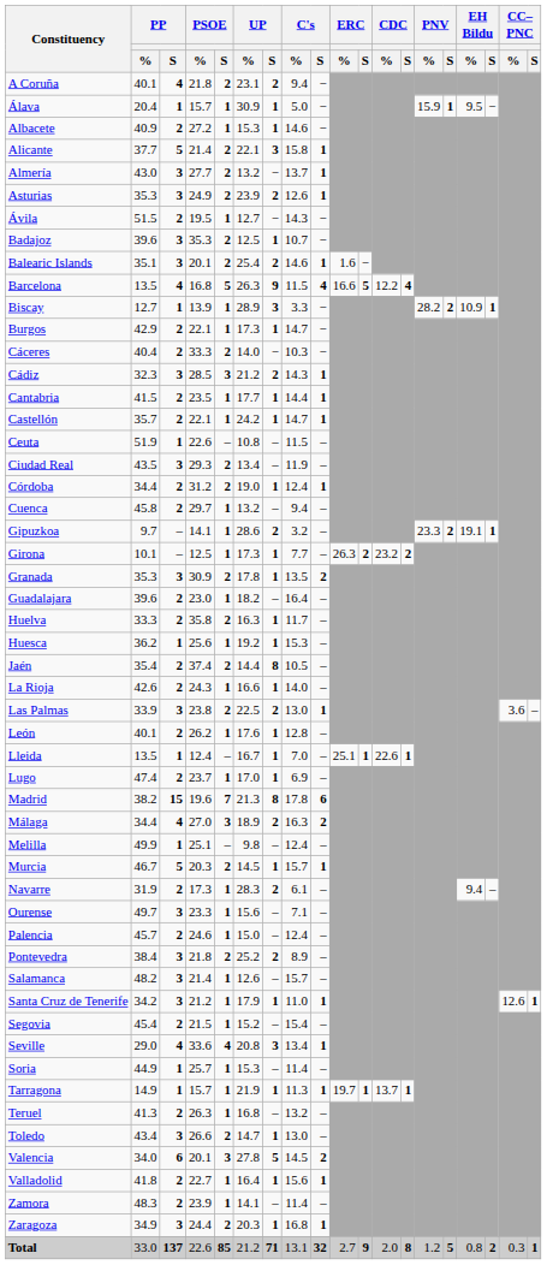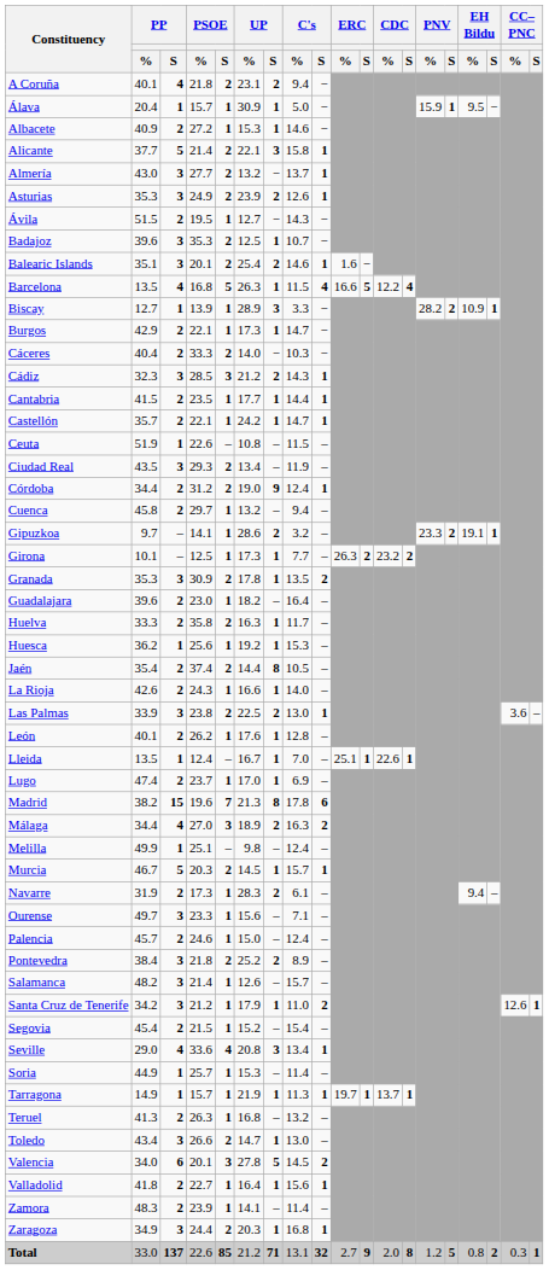 <table class="wikitable sortable" style="text-align:right; line-height:20px;">
 <tr>
 <th rowspan="3">Constituency</th>
 <th colspan="2" width="30px" class="unsortable"><a href='#'>PP</a></th>
 <th colspan="2" width="30px" class="unsortable"><a href='#'>PSOE</a></th>
 <th colspan="2" width="30px" class="unsortable"><a href='#'>UP</a></th>
 <th colspan="2" width="30px" class="unsortable"><a href='#'>C's</a></th>
 <th colspan="2" width="30px" class="unsortable"><a href='#'>ERC</a></th>
 <th colspan="2" width="30px" class="unsortable"><a href='#'>CDC</a></th>
 <th colspan="2" width="30px" class="unsortable"><a href='#'>PNV</a></th>
 <th colspan="2" width="30px" class="unsortable"><a href='#'>EH Bildu</a></th>
 <th colspan="2" width="30px" class="unsortable"><a href='#'>CC–PNC</a></th>
 </tr>
 <tr>
 <th colspan="2" style="background:"></th>
 <th colspan="2" style="background:"></th>
 <th colspan="2" style="background:"></th>
 <th colspan="2" style="background:"></th>
 <th colspan="2" style="background:"></th>
 <th colspan="2" style="background:"></th>
 <th colspan="2" style="background:"></th>
 <th colspan="2" style="background:"></th>
 <th colspan="2" style="background:"></th>
 </tr>
 <tr>
 <th data-sort-type="number">%</th>
 <th data-sort-type="number">S</th>
 <th data-sort-type="number">%</th>
 <th data-sort-type="number">S</th>
 <th data-sort-type="number">%</th>
 <th data-sort-type="number">S</th>
 <th data-sort-type="number">%</th>
 <th data-sort-type="number">S</th>
 <th data-sort-type="number">%</th>
 <th data-sort-type="number">S</th>
 <th data-sort-type="number">%</th>
 <th data-sort-type="number">S</th>
 <th data-sort-type="number">%</th>
 <th data-sort-type="number">S</th>
 <th data-sort-type="number">%</th>
 <th data-sort-type="number">S</th>
 <th data-sort-type="number">%</th>
 <th data-sort-type="number">S</th>
 </tr>
 <tr>
 <td align="left"><a href='#'>A Coruña</a></td>
 <td style="background:">40.1</td>
 <td><strong>4</strong></td>
 <td>21.8</td>
 <td><strong>2</strong></td>
 <td>23.1</td>
 <td><strong>2</strong></td>
 <td>9.4</td>
 <td>−</td>
 <td colspan="2" rowspan="8" bgcolor="#AAAAAA"></td>
 <td colspan="2" rowspan="9" bgcolor="#AAAAAA"></td>
 <td colspan="2" bgcolor="#AAAAAA"></td>
 <td colspan="2" bgcolor="#AAAAAA"></td>
 <td colspan="2" rowspan="28" bgcolor="#AAAAAA"></td>
 </tr>
 <tr>
 <td align="left"><a href='#'>Álava</a></td>
 <td>20.4</td>
 <td><strong>1</strong></td>
 <td>15.7</td>
 <td><strong>1</strong></td>
 <td style="background:">30.9</td>
 <td><strong>1</strong></td>
 <td>5.0</td>
 <td>−</td>
 <td>15.9</td>
 <td><strong>1</strong></td>
 <td>9.5</td>
 <td>−</td>
 </tr>
 <tr>
 <td align="left"><a href='#'>Albacete</a></td>
 <td style="background:">40.9</td>
 <td><strong>2</strong></td>
 <td>27.2</td>
 <td><strong>1</strong></td>
 <td>15.3</td>
 <td><strong>1</strong></td>
 <td>14.6</td>
 <td>−</td>
 <td colspan="2" rowspan="8" bgcolor="#AAAAAA"></td>
 <td colspan="2" rowspan="8" bgcolor="#AAAAAA"></td>
 </tr>
 <tr>
 <td align="left"><a href='#'>Alicante</a></td>
 <td style="background:">37.7</td>
 <td><strong>5</strong></td>
 <td>21.4</td>
 <td><strong>2</strong></td>
 <td>22.1</td>
 <td><strong>3</strong></td>
 <td>15.8</td>
 <td><strong>1</strong></td>
 </tr>
 <tr>
 <td align="left"><a href='#'>Almería</a></td>
 <td style="background:">43.0</td>
 <td><strong>3</strong></td>
 <td>27.7</td>
 <td><strong>2</strong></td>
 <td>13.2</td>
 <td>−</td>
 <td>13.7</td>
 <td><strong>1</strong></td>
 </tr>
 <tr>
 <td align="left"><a href='#'>Asturias</a></td>
 <td style="background:">35.3</td>
 <td><strong>3</strong></td>
 <td>24.9</td>
 <td><strong>2</strong></td>
 <td>23.9</td>
 <td><strong>2</strong></td>
 <td>12.6</td>
 <td><strong>1</strong></td>
 </tr>
 <tr>
 <td align="left"><a href='#'>Ávila</a></td>
 <td style="background:">51.5</td>
 <td><strong>2</strong></td>
 <td>19.5</td>
 <td><strong>1</strong></td>
 <td>12.7</td>
 <td>−</td>
 <td>14.3</td>
 <td>−</td>
 </tr>
 <tr>
 <td align="left"><a href='#'>Badajoz</a></td>
 <td style="background:">39.6</td>
 <td><strong>3</strong></td>
 <td>35.3</td>
 <td><strong>2</strong></td>
 <td>12.5</td>
 <td><strong>1</strong></td>
 <td>10.7</td>
 <td>−</td>
 </tr>
 <tr>
 <td align="left"><a href='#'>Balearic Islands</a></td>
 <td style="background:">35.1</td>
 <td><strong>3</strong></td>
 <td>20.1</td>
 <td><strong>2</strong></td>
 <td>25.4</td>
 <td><strong>2</strong></td>
 <td>14.6</td>
 <td><strong>1</strong></td>
 <td>1.6</td>
 <td>−</td>
 </tr>
 <tr>
 <td align="left"><a href='#'>Barcelona</a></td>
 <td>13.5</td>
 <td><strong>4</strong></td>
 <td>16.8</td>
 <td><strong>5</strong></td>
 <td style="background:">26.3</td>
-<td><strong>9</strong></td>
+<td><strong>1</strong></td>
 <td>11.5</td>
 <td><strong>4</strong></td>
 <td>16.6</td>
 <td><strong>5</strong></td>
 <td>12.2</td>
 <td><strong>4</strong></td>
 </tr>
 <tr>
 <td align="left"><a href='#'>Biscay</a></td>
 <td>12.7</td>
 <td><strong>1</strong></td>
 <td>13.9</td>
 <td><strong>1</strong></td>
 <td style="background:">28.9</td>
 <td><strong>3</strong></td>
 <td>3.3</td>
 <td>−</td>
 <td colspan="2" rowspan="11" bgcolor="#AAAAAA"></td>
 <td colspan="2" rowspan="11" bgcolor="#AAAAAA"></td>
 <td>28.2</td>
 <td><strong>2</strong></td>
 <td>10.9</td>
 <td><strong>1</strong></td>
 </tr>
 <tr>
 <td align="left"><a href='#'>Burgos</a></td>
 <td style="background:">42.9</td>
 <td><strong>2</strong></td>
 <td>22.1</td>
 <td><strong>1</strong></td>
 <td>17.3</td>
 <td><strong>1</strong></td>
 <td>14.7</td>
 <td>−</td>
 <td colspan="2" rowspan="9" bgcolor="#AAAAAA"></td>
 <td colspan="2" rowspan="9" bgcolor="#AAAAAA"></td>
 </tr>
 <tr>
 <td align="left"><a href='#'>Cáceres</a></td>
 <td style="background:">40.4</td>
 <td><strong>2</strong></td>
 <td>33.3</td>
 <td><strong>2</strong></td>
 <td>14.0</td>
 <td>−</td>
 <td>10.3</td>
 <td>−</td>
 </tr>
 <tr>
 <td align="left"><a href='#'>Cádiz</a></td>
 <td style="background:">32.3</td>
 <td><strong>3</strong></td>
 <td>28.5</td>
 <td><strong>3</strong></td>
 <td>21.2</td>
 <td><strong>2</strong></td>
 <td>14.3</td>
 <td><strong>1</strong></td>
 </tr>
 <tr>
 <td align="left"><a href='#'>Cantabria</a></td>
 <td style="background:">41.5</td>
 <td><strong>2</strong></td>
 <td>23.5</td>
 <td><strong>1</strong></td>
 <td>17.7</td>
 <td><strong>1</strong></td>
 <td>14.4</td>
 <td><strong>1</strong></td>
 </tr>
 <tr>
 <td align="left"><a href='#'>Castellón</a></td>
 <td style="background:">35.7</td>
 <td><strong>2</strong></td>
 <td>22.1</td>
 <td><strong>1</strong></td>
 <td>24.2</td>
 <td><strong>1</strong></td>
 <td>14.7</td>
 <td><strong>1</strong></td>
 </tr>
 <tr>
 <td align="left"><a href='#'>Ceuta</a></td>
 <td style="background:">51.9</td>
 <td><strong>1</strong></td>
 <td>22.6</td>
 <td>–</td>
 <td>10.8</td>
 <td>–</td>
 <td>11.5</td>
 <td>–</td>
 </tr>
 <tr>
 <td align="left"><a href='#'>Ciudad Real</a></td>
 <td style="background:">43.5</td>
 <td><strong>3</strong></td>
 <td>29.3</td>
 <td><strong>2</strong></td>
 <td>13.4</td>
 <td>–</td>
 <td>11.9</td>
 <td>–</td>
 </tr>
 <tr>
 <td align="left"><a href='#'>Córdoba</a></td>
 <td style="background:">34.4</td>
 <td><strong>2</strong></td>
 <td>31.2</td>
 <td><strong>2</strong></td>
 <td>19.0</td>
-<td><strong>1</strong></td>
+<td><strong>9</strong></td>
 <td>12.4</td>
 <td><strong>1</strong></td>
 </tr>
 <tr>
 <td align="left"><a href='#'>Cuenca</a></td>
 <td style="background:">45.8</td>
 <td><strong>2</strong></td>
 <td>29.7</td>
 <td><strong>1</strong></td>
 <td>13.2</td>
 <td>–</td>
 <td>9.4</td>
 <td>–</td>
 </tr>
 <tr>
 <td align="left"><a href='#'>Gipuzkoa</a></td>
 <td>9.7</td>
 <td>–</td>
 <td>14.1</td>
 <td><strong>1</strong></td>
 <td style="background:">28.6</td>
 <td><strong>2</strong></td>
 <td>3.2</td>
 <td>–</td>
 <td>23.3</td>
 <td><strong>2</strong></td>
 <td>19.1</td>
 <td><strong>1</strong></td>
 </tr>
 <tr>
 <td align="left"><a href='#'>Girona</a></td>
 <td>10.1</td>
 <td>–</td>
 <td>12.5</td>
 <td><strong>1</strong></td>
 <td>17.3</td>
 <td><strong>1</strong></td>
 <td>7.7</td>
 <td>–</td>
 <td style="background:">26.3</td>
 <td><strong>2</strong></td>
 <td>23.2</td>
 <td><strong>2</strong></td>
 <td colspan="2" rowspan="31" bgcolor="#AAAAAA"></td>
 <td colspan="2" rowspan="15" bgcolor="#AAAAAA"></td>
 </tr>
 <tr>
 <td align="left"><a href='#'>Granada</a></td>
 <td style="background:">35.3</td>
 <td><strong>3</strong></td>
 <td>30.9</td>
 <td><strong>2</strong></td>
 <td>17.8</td>
 <td><strong>1</strong></td>
 <td>13.5</td>
 <td><strong>2</strong></td>
 <td colspan="2" rowspan="8" bgcolor="#AAAAAA"></td>
 <td colspan="2" rowspan="8" bgcolor="#AAAAAA"></td>
 </tr>
 <tr>
 <td align="left"><a href='#'>Guadalajara</a></td>
 <td style="background:">39.6</td>
 <td><strong>2</strong></td>
 <td>23.0</td>
 <td><strong>1</strong></td>
 <td>18.2</td>
 <td>–</td>
 <td>16.4</td>
 <td>–</td>
 </tr>
 <tr>
 <td align="left"><a href='#'>Huelva</a></td>
 <td>33.3</td>
 <td><strong>2</strong></td>
 <td style="background:">35.8</td>
 <td><strong>2</strong></td>
 <td>16.3</td>
 <td><strong>1</strong></td>
 <td>11.7</td>
 <td>–</td>
 </tr>
 <tr>
 <td align="left"><a href='#'>Huesca</a></td>
 <td style="background:">36.2</td>
 <td><strong>1</strong></td>
 <td>25.6</td>
 <td><strong>1</strong></td>
 <td>19.2</td>
 <td><strong>1</strong></td>
 <td>15.3</td>
 <td>–</td>
 </tr>
 <tr>
 <td align="left"><a href='#'>Jaén</a></td>
 <td>35.4</td>
 <td><strong>2</strong></td>
 <td style="background:">37.4</td>
 <td><strong>2</strong></td>
 <td>14.4</td>
 <td><strong>8</strong></td>
 <td>10.5</td>
 <td>–</td>
 </tr>
 <tr>
 <td align="left"><a href='#'>La Rioja</a></td>
 <td style="background:">42.6</td>
 <td><strong>2</strong></td>
 <td>24.3</td>
 <td><strong>1</strong></td>
 <td>16.6</td>
 <td><strong>1</strong></td>
 <td>14.0</td>
 <td>–</td>
 </tr>
 <tr>
 <td align="left"><a href='#'>Las Palmas</a></td>
 <td style="background:">33.9</td>
 <td><strong>3</strong></td>
 <td>23.8</td>
 <td><strong>2</strong></td>
 <td>22.5</td>
 <td><strong>2</strong></td>
 <td>13.0</td>
 <td><strong>1</strong></td>
 <td>3.6</td>
 <td>–</td>
 </tr>
 <tr>
 <td align="left"><a href='#'>León</a></td>
 <td style="background:">40.1</td>
 <td><strong>2</strong></td>
 <td>26.2</td>
 <td><strong>1</strong></td>
 <td>17.6</td>
 <td><strong>1</strong></td>
 <td>12.8</td>
 <td>–</td>
 <td colspan="2" rowspan="12" bgcolor="#AAAAAA"></td>
 </tr>
 <tr>
 <td align="left"><a href='#'>Lleida</a></td>
 <td>13.5</td>
 <td><strong>1</strong></td>
 <td>12.4</td>
 <td>–</td>
 <td>16.7</td>
 <td><strong>1</strong></td>
 <td>7.0</td>
 <td>–</td>
 <td style="background:">25.1</td>
 <td><strong>1</strong></td>
 <td>22.6</td>
 <td><strong>1</strong></td>
 </tr>
 <tr>
 <td align="left"><a href='#'>Lugo</a></td>
 <td style="background:">47.4</td>
 <td><strong>2</strong></td>
 <td>23.7</td>
 <td><strong>1</strong></td>
 <td>17.0</td>
 <td><strong>1</strong></td>
 <td>6.9</td>
 <td>–</td>
 <td colspan="2" rowspan="14" bgcolor="#AAAAAA"></td>
 <td colspan="2" rowspan="14" bgcolor="#AAAAAA"></td>
 </tr>
 <tr>
 <td align="left"><a href='#'>Madrid</a></td>
 <td style="background:">38.2</td>
 <td><strong>15</strong></td>
 <td>19.6</td>
 <td><strong>7</strong></td>
 <td>21.3</td>
 <td><strong>8</strong></td>
 <td>17.8</td>
 <td><strong>6</strong></td>
 </tr>
 <tr>
 <td align="left"><a href='#'>Málaga</a></td>
 <td style="background:">34.4</td>
 <td><strong>4</strong></td>
 <td>27.0</td>
 <td><strong>3</strong></td>
 <td>18.9</td>
 <td><strong>2</strong></td>
 <td>16.3</td>
 <td><strong>2</strong></td>
 </tr>
 <tr>
 <td align="left"><a href='#'>Melilla</a></td>
 <td style="background:">49.9</td>
 <td><strong>1</strong></td>
 <td>25.1</td>
 <td>–</td>
 <td>9.8</td>
 <td>–</td>
 <td>12.4</td>
 <td>–</td>
 </tr>
 <tr>
 <td align="left"><a href='#'>Murcia</a></td>
 <td style="background:">46.7</td>
 <td><strong>5</strong></td>
 <td>20.3</td>
 <td><strong>2</strong></td>
 <td>14.5</td>
 <td><strong>1</strong></td>
 <td>15.7</td>
 <td><strong>1</strong></td>
 </tr>
 <tr>
 <td align="left"><a href='#'>Navarre</a></td>
 <td style="background:">31.9</td>
 <td><strong>2</strong></td>
 <td>17.3</td>
 <td><strong>1</strong></td>
 <td>28.3</td>
 <td><strong>2</strong></td>
 <td>6.1</td>
 <td>–</td>
 <td>9.4</td>
 <td>–</td>
 </tr>
 <tr>
 <td align="left"><a href='#'>Ourense</a></td>
 <td style="background:">49.7</td>
 <td><strong>3</strong></td>
 <td>23.3</td>
 <td><strong>1</strong></td>
 <td>15.6</td>
 <td>–</td>
 <td>7.1</td>
 <td>–</td>
 <td colspan="2" rowspan="15" bgcolor="#AAAAAA"></td>
 </tr>
 <tr>
 <td align="left"><a href='#'>Palencia</a></td>
 <td style="background:">45.7</td>
 <td><strong>2</strong></td>
 <td>24.6</td>
 <td><strong>1</strong></td>
 <td>15.0</td>
 <td>–</td>
 <td>12.4</td>
 <td>–</td>
 </tr>
 <tr>
 <td align="left"><a href='#'>Pontevedra</a></td>
 <td style="background:">38.4</td>
 <td><strong>3</strong></td>
 <td>21.8</td>
 <td><strong>2</strong></td>
 <td>25.2</td>
 <td><strong>2</strong></td>
 <td>8.9</td>
 <td>–</td>
 </tr>
 <tr>
 <td align="left"><a href='#'>Salamanca</a></td>
 <td style="background:">48.2</td>
 <td><strong>3</strong></td>
 <td>21.4</td>
 <td><strong>1</strong></td>
 <td>12.6</td>
 <td>–</td>
 <td>15.7</td>
 <td>–</td>
 </tr>
 <tr>
 <td align="left"><a href='#'>Santa Cruz de Tenerife</a></td>
 <td style="background:">34.2</td>
 <td><strong>3</strong></td>
 <td>21.2</td>
 <td><strong>1</strong></td>
 <td>17.9</td>
 <td><strong>1</strong></td>
 <td>11.0</td>
-<td><strong>1</strong></td>
+<td><strong>2</strong></td>
 <td>12.6</td>
 <td><strong>1</strong></td>
 </tr>
 <tr>
 <td align="left"><a href='#'>Segovia</a></td>
 <td style="background:">45.4</td>
 <td><strong>2</strong></td>
 <td>21.5</td>
 <td><strong>1</strong></td>
 <td>15.2</td>
 <td>–</td>
 <td>15.4</td>
 <td>–</td>
 <td colspan="2" rowspan="10" bgcolor="#AAAAAA"></td>
 </tr>
 <tr>
 <td align="left"><a href='#'>Seville</a></td>
 <td>29.0</td>
 <td><strong>4</strong></td>
 <td style="background:">33.6</td>
 <td><strong>4</strong></td>
 <td>20.8</td>
 <td><strong>3</strong></td>
 <td>13.4</td>
 <td><strong>1</strong></td>
 </tr>
 <tr>
 <td align="left"><a href='#'>Soria</a></td>
 <td style="background:">44.9</td>
 <td><strong>1</strong></td>
 <td>25.7</td>
 <td><strong>1</strong></td>
 <td>15.3</td>
 <td>–</td>
 <td>11.4</td>
 <td>–</td>
 </tr>
 <tr>
 <td align="left"><a href='#'>Tarragona</a></td>
 <td>14.9</td>
 <td><strong>1</strong></td>
 <td>15.7</td>
 <td><strong>1</strong></td>
 <td style="background:">21.9</td>
 <td><strong>1</strong></td>
 <td>11.3</td>
 <td><strong>1</strong></td>
 <td>19.7</td>
 <td><strong>1</strong></td>
 <td>13.7</td>
 <td><strong>1</strong></td>
 </tr>
 <tr>
 <td align="left"><a href='#'>Teruel</a></td>
 <td style="background:">41.3</td>
 <td><strong>2</strong></td>
 <td>26.3</td>
 <td><strong>1</strong></td>
 <td>16.8</td>
 <td>–</td>
 <td>13.2</td>
 <td>–</td>
 <td colspan="2" rowspan="6" bgcolor="#AAAAAA"></td>
 <td colspan="2" rowspan="6" bgcolor="#AAAAAA"></td>
 </tr>
 <tr>
 <td align="left"><a href='#'>Toledo</a></td>
 <td style="background:">43.4</td>
 <td><strong>3</strong></td>
 <td>26.6</td>
 <td><strong>2</strong></td>
 <td>14.7</td>
 <td><strong>1</strong></td>
 <td>13.0</td>
 <td>–</td>
 </tr>
 <tr>
 <td align="left"><a href='#'>Valencia</a></td>
 <td style="background:">34.0</td>
 <td><strong>6</strong></td>
 <td>20.1</td>
 <td><strong>3</strong></td>
 <td>27.8</td>
 <td><strong>5</strong></td>
 <td>14.5</td>
 <td><strong>2</strong></td>
 </tr>
 <tr>
 <td align="left"><a href='#'>Valladolid</a></td>
 <td style="background:">41.8</td>
 <td><strong>2</strong></td>
 <td>22.7</td>
 <td><strong>1</strong></td>
 <td>16.4</td>
 <td><strong>1</strong></td>
 <td>15.6</td>
 <td><strong>1</strong></td>
 </tr>
 <tr>
 <td align="left"><a href='#'>Zamora</a></td>
 <td style="background:">48.3</td>
 <td><strong>2</strong></td>
 <td>23.9</td>
 <td><strong>1</strong></td>
 <td>14.1</td>
 <td>–</td>
 <td>11.4</td>
 <td>–</td>
 </tr>
 <tr>
 <td align="left"><a href='#'>Zaragoza</a></td>
 <td style="background:">34.9</td>
 <td><strong>3</strong></td>
 <td>24.4</td>
 <td><strong>2</strong></td>
 <td>20.3</td>
 <td><strong>1</strong></td>
 <td>16.8</td>
 <td><strong>1</strong></td>
 </tr>
 <tr style="background:#CDCDCD;">
 <td align="left"><strong>Total</strong></td>
 <td style="background:">33.0</td>
 <td><strong>137</strong></td>
 <td>22.6</td>
 <td><strong>85</strong></td>
 <td>21.2</td>
 <td><strong>71</strong></td>
 <td>13.1</td>
 <td><strong>32</strong></td>
 <td>2.7</td>
 <td><strong>9</strong></td>
 <td>2.0</td>
 <td><strong>8</strong></td>
 <td>1.2</td>
 <td><strong>5</strong></td>
 <td>0.8</td>
 <td><strong>2</strong></td>
 <td>0.3</td>
 <td><strong>1</strong></td>
 </tr>
 </table>
